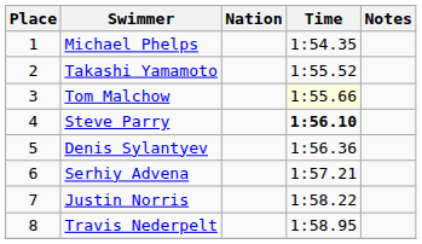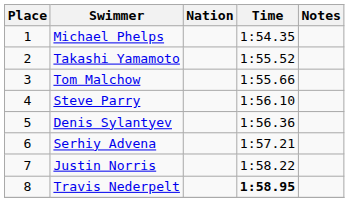 <table class="wikitable sortable" style="text-align:center">
 <tr>
 <th>Place</th>
 <th>Swimmer</th>
 <th>Nation</th>
 <th>Time</th>
 <th>Notes</th>
 </tr>
 <tr>
 <td>1</td>
 <td align=left><a href='#'>Michael Phelps</a></td>
 <td align=left></td>
 <td>1:54.35</td>
 <td></td>
 </tr>
 <tr>
 <td>2</td>
 <td align=left><a href='#'>Takashi Yamamoto</a></td>
 <td align=left></td>
 <td>1:55.52</td>
 <td></td>
 </tr>
 <tr>
 <td>3</td>
 <td align=left><a href='#'>Tom Malchow</a></td>
 <td align=left></td>
-<td style="background: lightyellow;">1:55.66</td>
+<td>1:55.66</td>
 <td></td>
 </tr>
 <tr>
 <td>4</td>
 <td align=left><a href='#'>Steve Parry</a></td>
 <td align=left></td>
-<td><strong>1:56.10</strong></td>
+<td>1:56.10</td>
 <td></td>
 </tr>
 <tr>
 <td>5</td>
 <td align=left><a href='#'>Denis Sylantyev</a></td>
 <td align=left></td>
 <td>1:56.36</td>
 <td></td>
 </tr>
 <tr>
 <td>6</td>
 <td align=left><a href='#'>Serhiy Advena</a></td>
 <td align=left></td>
 <td>1:57.21</td>
 <td></td>
 </tr>
 <tr>
 <td>7</td>
 <td align=left><a href='#'>Justin Norris</a></td>
 <td align=left></td>
 <td>1:58.22</td>
 <td></td>
 </tr>
 <tr>
 <td>8</td>
 <td align=left><a href='#'>Travis Nederpelt</a></td>
 <td align=left></td>
-<td>1:58.95</td>
+<td><strong>1:58.95</strong></td>
 <td></td>
 </tr>
 <tr>
 </tr>
 </table>
